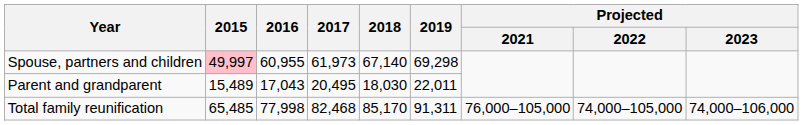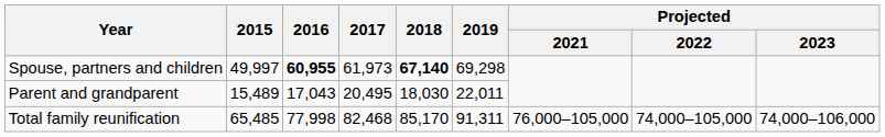 <table class="wikitable">
 <tr>
 <th rowspan="2">Year</th>
 <th rowspan="2">2015</th>
 <th rowspan="2">2016</th>
 <th rowspan="2">2017</th>
 <th rowspan="2">2018</th>
 <th rowspan="2">2019</th>
 <th colspan="3">Projected</th>
 </tr>
 <tr>
 <th>2021</th>
 <th>2022</th>
 <th>2023</th>
 </tr>
 <tr>
 <td>Spouse, partners and children</td>
-<td style="background: pink;">49,997</td>
-<td>60,955</td>
+<td>49,997</td>
+<td><strong>60,955</strong></td>
 <td>61,973</td>
-<td>67,140</td>
+<td><strong>67,140</strong></td>
 <td>69,298</td>
 <td rowspan="2"></td>
 <td rowspan="2"></td>
 <td rowspan="2"></td>
 </tr>
 <tr>
 <td>Parent and grandparent</td>
 <td>15,489</td>
 <td>17,043</td>
 <td>20,495</td>
 <td>18,030</td>
 <td>22,011</td>
 </tr>
 <tr>
 <td>Total family reunification</td>
 <td>65,485</td>
 <td>77,998</td>
 <td>82,468</td>
 <td>85,170</td>
 <td>91,311</td>
 <td>76,000–105,000</td>
 <td>74,000–105,000</td>
 <td>74,000–106,000</td>
 </tr>
 </table>
